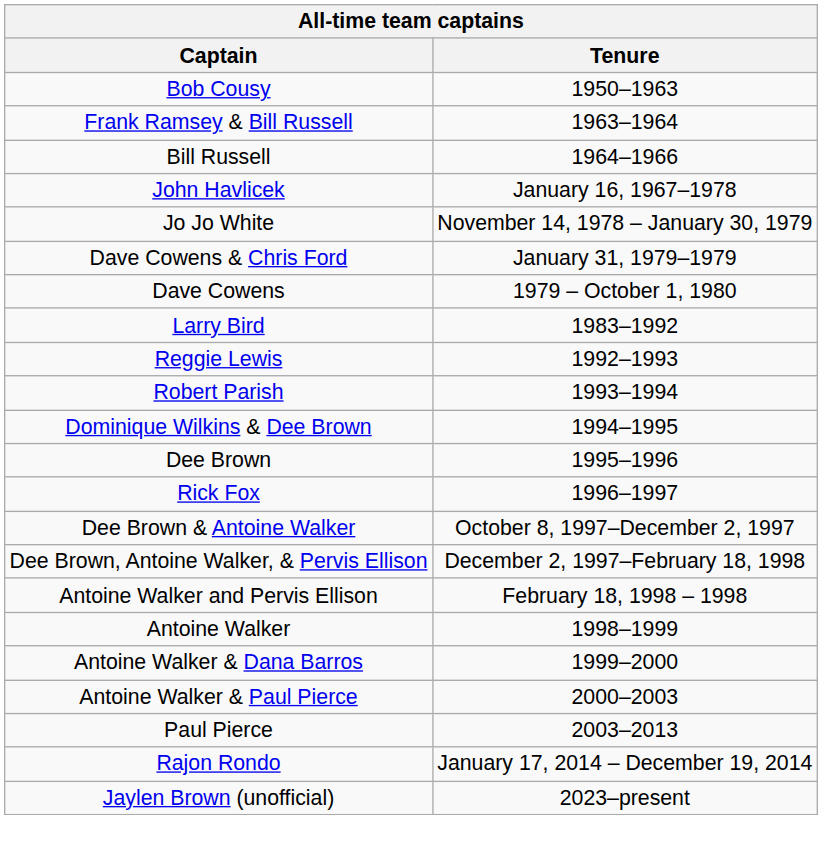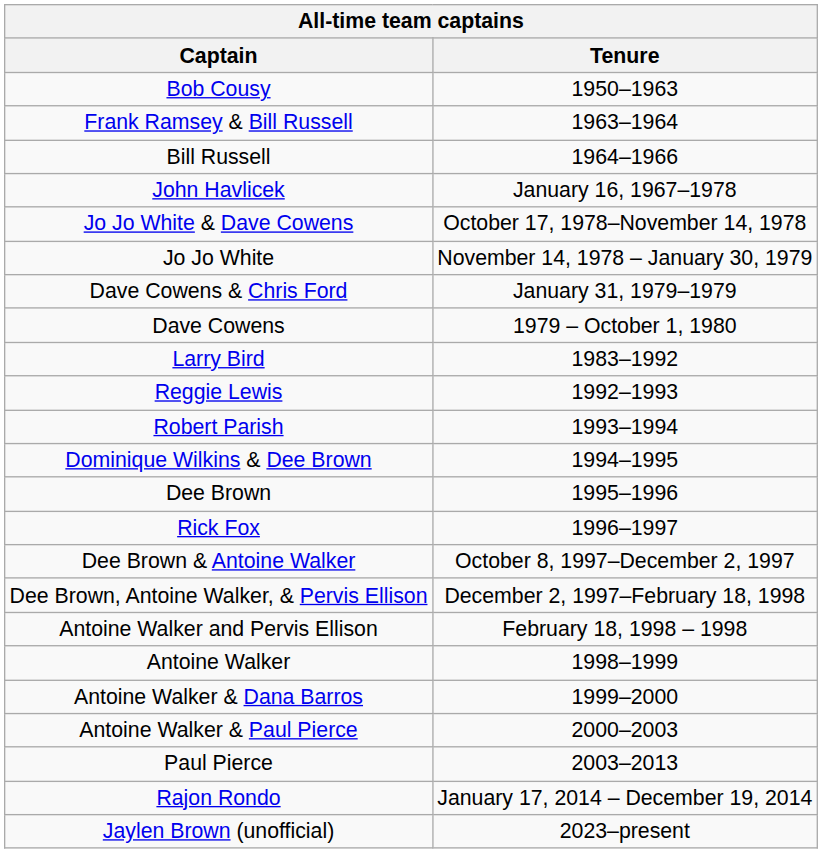 <table class="wikitable" style="text-align:center">
 <tr>
 <th colspan="2">All-time team captains</th>
 </tr>
 <tr>
 <th>Captain</th>
 <th>Tenure</th>
 </tr>
 <tr>
 <td><a href='#'>Bob Cousy</a></td>
 <td>1950–1963</td>
 </tr>
 <tr>
 <td><a href='#'>Frank Ramsey</a> & <a href='#'>Bill Russell</a></td>
 <td>1963–1964</td>
 </tr>
 <tr>
 <td>Bill Russell</td>
 <td>1964–1966</td>
 </tr>
 <tr>
 <td><a href='#'>John Havlicek</a></td>
 <td>January 16, 1967–1978</td>
+</tr>
+<tr>
+<td><a href='#'>Jo Jo White</a> & <a href='#'>Dave Cowens</a></td>
+<td>October 17, 1978–November 14, 1978</td>
 </tr>
 <tr>
 <td>Jo Jo White</td>
 <td>November 14, 1978 – January 30, 1979</td>
 </tr>
 <tr>
 <td>Dave Cowens & <a href='#'>Chris Ford</a></td>
 <td>January 31, 1979–1979</td>
 </tr>
 <tr>
 <td>Dave Cowens</td>
 <td>1979 – October 1, 1980</td>
 </tr>
 <tr>
 <td><a href='#'>Larry Bird</a></td>
 <td>1983–1992</td>
 </tr>
 <tr>
 <td><a href='#'>Reggie Lewis</a></td>
 <td>1992–1993</td>
 </tr>
 <tr>
 <td><a href='#'>Robert Parish</a></td>
 <td>1993–1994</td>
 </tr>
 <tr>
 <td><a href='#'>Dominique Wilkins</a> & <a href='#'>Dee Brown</a></td>
 <td>1994–1995</td>
 </tr>
 <tr>
 <td>Dee Brown</td>
 <td>1995–1996</td>
 </tr>
 <tr>
 <td><a href='#'>Rick Fox</a></td>
 <td>1996–1997</td>
 </tr>
 <tr>
 <td>Dee Brown & <a href='#'>Antoine Walker</a></td>
 <td>October 8, 1997–December 2, 1997</td>
 </tr>
 <tr>
 <td>Dee Brown, Antoine Walker, & <a href='#'>Pervis Ellison</a></td>
 <td>December 2, 1997–February 18, 1998</td>
 </tr>
 <tr>
 <td>Antoine Walker and Pervis Ellison</td>
 <td>February 18, 1998 – 1998</td>
 </tr>
 <tr>
 <td>Antoine Walker</td>
 <td>1998–1999</td>
 </tr>
 <tr>
 <td>Antoine Walker & <a href='#'>Dana Barros</a></td>
 <td>1999–2000</td>
 </tr>
 <tr>
 <td>Antoine Walker & <a href='#'>Paul Pierce</a></td>
 <td>2000–2003</td>
 </tr>
 <tr>
 <td>Paul Pierce</td>
 <td>2003–2013</td>
 </tr>
 <tr>
 <td><a href='#'>Rajon Rondo</a></td>
 <td>January 17, 2014 – December 19, 2014</td>
 </tr>
 <tr>
 <td><a href='#'>Jaylen Brown</a> (unofficial)</td>
 <td>2023–present</td>
 </tr>
 </table>
